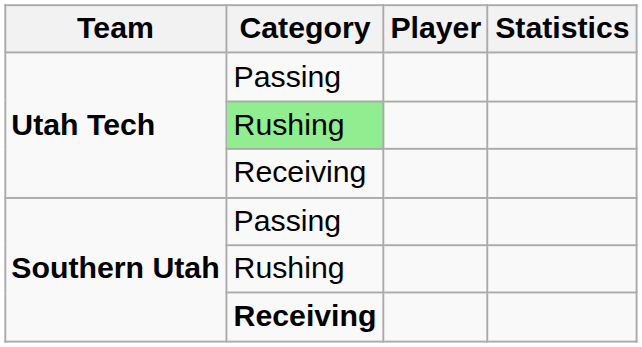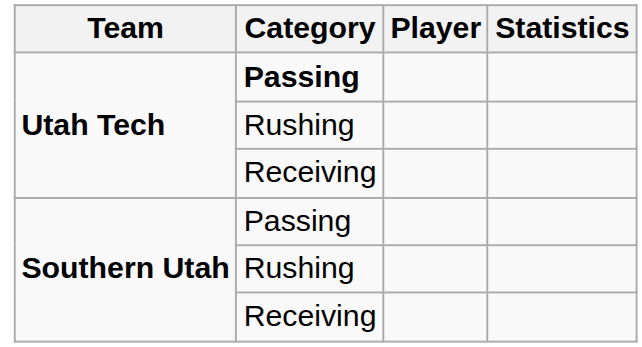 <table class="wikitable" style="float: right;">
 <tr>
 <th>Team</th>
 <th>Category</th>
 <th>Player</th>
 <th>Statistics</th>
 </tr>
 <tr>
 <td rowspan=3><strong>Utah Tech</strong></td>
-<td>Passing</td>
+<td><strong>Passing</strong></td>
 <td></td>
 <td></td>
 </tr>
 <tr>
-<td style="background: lightgreen;">Rushing</td>
+<td>Rushing</td>
 <td></td>
 <td></td>
 </tr>
 <tr>
 <td>Receiving</td>
 <td></td>
 <td></td>
 </tr>
 <tr>
 <td rowspan=3><strong>Southern Utah</strong></td>
 <td>Passing</td>
 <td></td>
 <td></td>
 </tr>
 <tr>
 <td>Rushing</td>
 <td></td>
 <td></td>
 </tr>
 <tr>
-<td><strong>Receiving</strong></td>
+<td>Receiving</td>
 <td></td>
 <td></td>
 </tr>
 </table>
